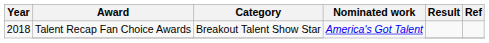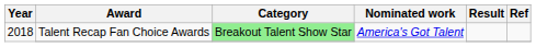 <table class="wikitable sortable" style="text-align: center;">
 <tr>
 <th>Year</th>
 <th>Award</th>
 <th>Category</th>
 <th>Nominated work</th>
 <th>Result</th>
 <th>Ref</th>
 </tr>
 <tr>
 <td rowspan="2">2018</td>
 <td>Talent Recap Fan Choice Awards</td>
-<td>Breakout Talent Show Star</td>
+<td style="background: lightgreen;">Breakout Talent Show Star</td>
 <td rowspan="2"><em><a href='#'>America's Got Talent</a></em></td>
 <td></td>
 <td></td>
 </tr>
 <tr>
 </tr>
 </table>
